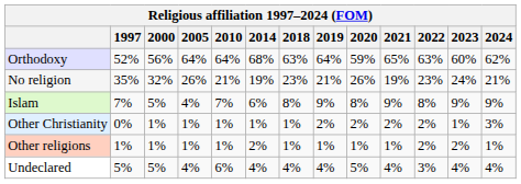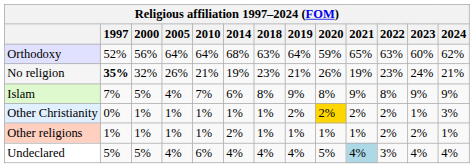 <table class="wikitable">
 <tr>
 <th colspan="13">Religious affiliation 1997–2024 (<a href='#'>FOM</a>)</th>
 </tr>
 <tr>
 <th></th>
 <th>1997</th>
 <th>2000</th>
 <th>2005</th>
 <th>2010</th>
 <th>2014</th>
 <th>2018</th>
 <th>2019</th>
 <th>2020</th>
 <th>2021</th>
 <th>2022</th>
 <th>2023</th>
 <th>2024</th>
 </tr>
 <tr>
 <td style="background:#E0E0FF;">Orthodoxy</td>
 <td>52%</td>
 <td>56%</td>
 <td>64%</td>
 <td>64%</td>
 <td>68%</td>
 <td>63%</td>
 <td>64%</td>
 <td>59%</td>
 <td>65%</td>
 <td>63%</td>
 <td>60%</td>
 <td>62%</td>
 </tr>
 <tr>
 <td style="background:#F5F5F5;">No religion</td>
-<td>35%</td>
+<td><strong>35%</strong></td>
 <td>32%</td>
 <td>26%</td>
 <td>21%</td>
 <td>19%</td>
 <td>23%</td>
 <td>21%</td>
 <td>26%</td>
 <td>19%</td>
 <td>23%</td>
 <td>24%</td>
 <td>21%</td>
 </tr>
 <tr>
 <td style="background:#DEF9CD;">Islam</td>
 <td>7%</td>
 <td>5%</td>
 <td>4%</td>
 <td>7%</td>
 <td>6%</td>
 <td>8%</td>
 <td>9%</td>
 <td>8%</td>
 <td>9%</td>
 <td>8%</td>
 <td>9%</td>
 <td>9%</td>
 </tr>
 <tr>
 <td style="background:#e0f0ff;">Other Christianity</td>
 <td>0%</td>
 <td>1%</td>
 <td>1%</td>
 <td>1%</td>
 <td>1%</td>
 <td>1%</td>
 <td>2%</td>
-<td>2%</td>
+<td style="background: gold;">2%</td>
 <td>2%</td>
 <td>2%</td>
 <td>1%</td>
 <td>3%</td>
 </tr>
 <tr>
 <td style="background:#FFD0C0;">Other religions</td>
 <td>1%</td>
 <td>1%</td>
 <td>1%</td>
 <td>1%</td>
 <td>2%</td>
 <td>1%</td>
 <td>1%</td>
 <td>1%</td>
 <td>1%</td>
 <td>2%</td>
 <td>2%</td>
 <td>1%</td>
 </tr>
 <tr>
 <td style="background:White;">Undeclared</td>
 <td>5%</td>
 <td>5%</td>
 <td>4%</td>
 <td>6%</td>
 <td>4%</td>
 <td>4%</td>
 <td>4%</td>
 <td>5%</td>
-<td>4%</td>
+<td style="background: lightblue;">4%</td>
 <td>3%</td>
 <td>4%</td>
 <td>4%</td>
 </tr>
 </table>
